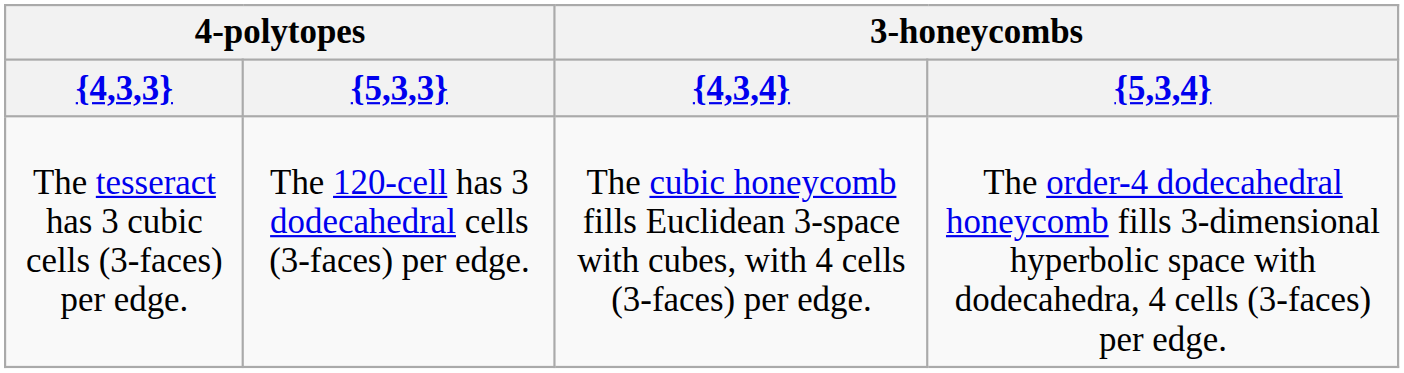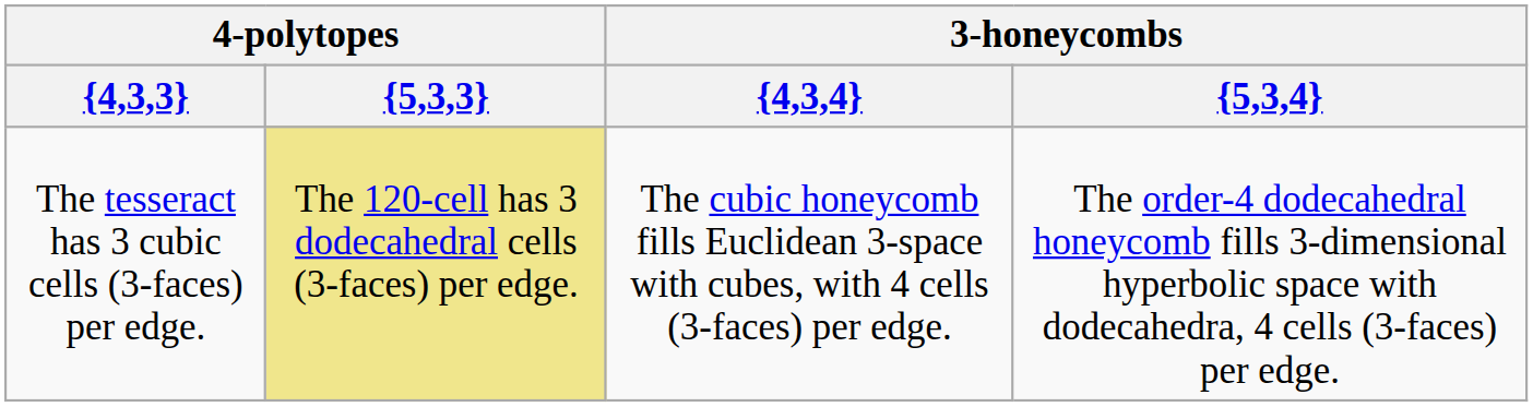 <table class=wikitable width=640>
 <tr>
 <th colspan=2>4-polytopes</th>
 <th colspan=2>3-honeycombs</th>
 </tr>
 <tr align=center>
 <th><a href='#'>{4,3,3}</a></th>
 <th><a href='#'>{5,3,3}</a></th>
 <th><a href='#'>{4,3,4}</a></th>
 <th><a href='#'>{5,3,4}</a></th>
 </tr>
 <tr valign=top align=center>
 <td><br>The <a href='#'>tesseract</a> has 3 cubic cells (3-faces) per edge.</td>
-<td><br>The <a href='#'>120-cell</a> has 3 <a href='#'>dodecahedral</a> cells (3-faces) per edge.</td>
+<td style="background: khaki;"><br>The <a href='#'>120-cell</a> has 3 <a href='#'>dodecahedral</a> cells (3-faces) per edge.</td>
 <td><br>The <a href='#'>cubic honeycomb</a> fills Euclidean 3-space with cubes, with 4 cells (3-faces) per edge.</td>
 <td><br>The <a href='#'>order-4 dodecahedral honeycomb</a> fills 3-dimensional hyperbolic space with dodecahedra, 4 cells (3-faces) per edge.</td>
 </tr>
 </table>
